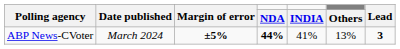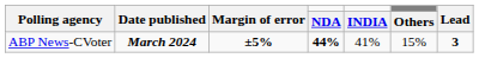 <table class="wikitable sortable" style="text-align:center;font-size:95%;line-height:16px">
 <tr>
 <th rowspan="2">Polling agency</th>
 <th rowspan="2">Date published</th>
 <th rowspan="2">Margin of error</th>
 <td></td>
 <td></td>
 <td bgcolor="grey"></td>
 <th rowspan="2">Lead</th>
 </tr>
 <tr>
 <th><a href='#'>NDA</a></th>
 <th><a href='#'>INDIA</a></th>
 <th>Others</th>
 </tr>
 <tr>
 <td><a href='#'>ABP News</a>-CVoter</td>
-<td><em>March 2024</em></td>
+<td><strong><em>March 2024</em></strong></td>
 <td><strong>±5%</strong></td>
 <td><strong>44%</strong></td>
 <td>41%</td>
-<td>13%</td>
+<td>15%</td>
 <td><strong>3</strong></td>
 </tr>
 </table>
